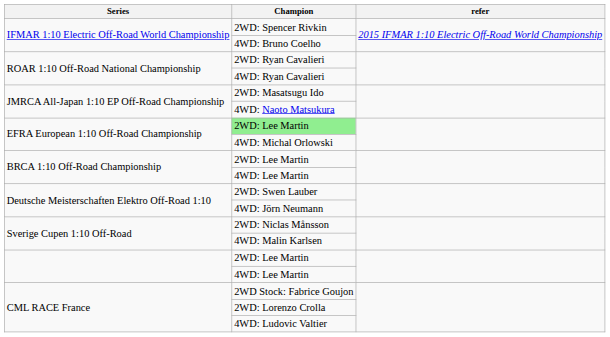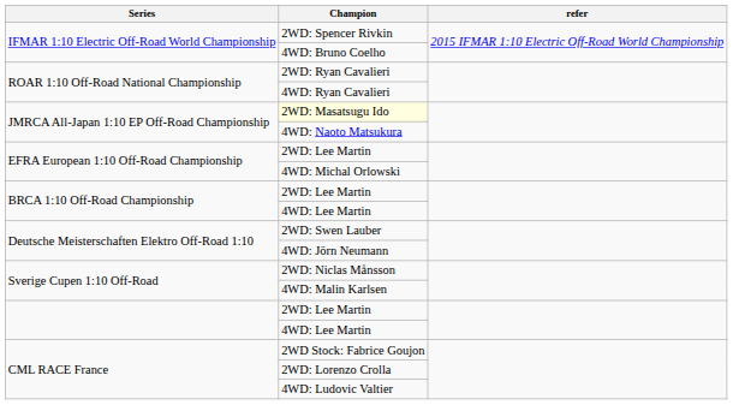 <table class="wikitable">
 <tr style="font-size:10pt;font-weight:bold">
 <th>Series</th>
 <th>Champion</th>
 <th>refer</th>
 </tr>
 <tr>
 <td rowspan=2><a href='#'>IFMAR 1:10 Electric Off-Road World Championship</a></td>
 <td>2WD:  Spencer Rivkin</td>
 <td rowspan=2><em><a href='#'>2015 IFMAR 1:10 Electric Off-Road World Championship</a></em></td>
 </tr>
 <tr>
 <td>4WD:  Bruno Coelho</td>
 </tr>
 <tr>
 <td rowspan=2>ROAR 1:10 Off-Road National Championship</td>
 <td>2WD:  Ryan Cavalieri</td>
 <td rowspan=2></td>
 </tr>
 <tr>
 <td>4WD:  Ryan Cavalieri</td>
 </tr>
 <tr>
 <td rowspan=2>JMRCA All-Japan 1:10 EP Off-Road Championship</td>
-<td>2WD:  Masatsugu Ido</td>
+<td style="background: lightyellow;">2WD:  Masatsugu Ido</td>
 <td rowspan=2></td>
 </tr>
 <tr>
 <td>4WD:  <a href='#'>Naoto Matsukura</a></td>
 </tr>
 <tr>
 <td rowspan=2>EFRA European 1:10 Off-Road Championship</td>
-<td style="background: lightgreen;">2WD:  Lee Martin</td>
+<td>2WD:  Lee Martin</td>
 <td rowspan=2></td>
 </tr>
 <tr>
 <td>4WD:  Michal Orlowski</td>
 </tr>
 <tr>
 <td rowspan=2>BRCA 1:10 Off-Road Championship</td>
 <td>2WD:  Lee Martin</td>
 <td rowspan=2></td>
 </tr>
 <tr>
 <td>4WD:  Lee Martin</td>
 </tr>
 <tr>
 <td rowspan=2>Deutsche Meisterschaften Elektro Off-Road 1:10</td>
 <td>2WD:  Swen Lauber</td>
 <td rowspan=2></td>
 </tr>
 <tr>
 <td>4WD:  Jörn Neumann</td>
 </tr>
 <tr>
 <td rowspan=2>Sverige Cupen 1:10 Off-Road</td>
 <td>2WD:  Niclas Månsson</td>
 <td rowspan=2></td>
 </tr>
 <tr>
 <td>4WD:  Malin Karlsen</td>
 </tr>
 <tr>
 <td rowspan=2></td>
 <td>2WD:  Lee Martin</td>
 <td rowspan=2></td>
 </tr>
 <tr>
 <td>4WD:  Lee Martin</td>
 </tr>
 <tr>
 <td rowspan=3>CML RACE France</td>
 <td>2WD Stock:  Fabrice Goujon</td>
 <td rowspan=3></td>
 </tr>
 <tr>
 <td>2WD:  Lorenzo Crolla</td>
 </tr>
 <tr>
 <td>4WD:  Ludovic Valtier</td>
 </tr>
 </table>
